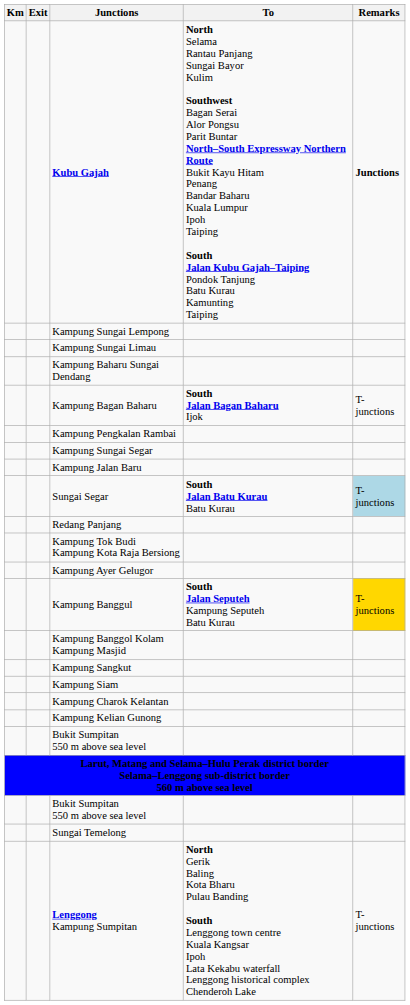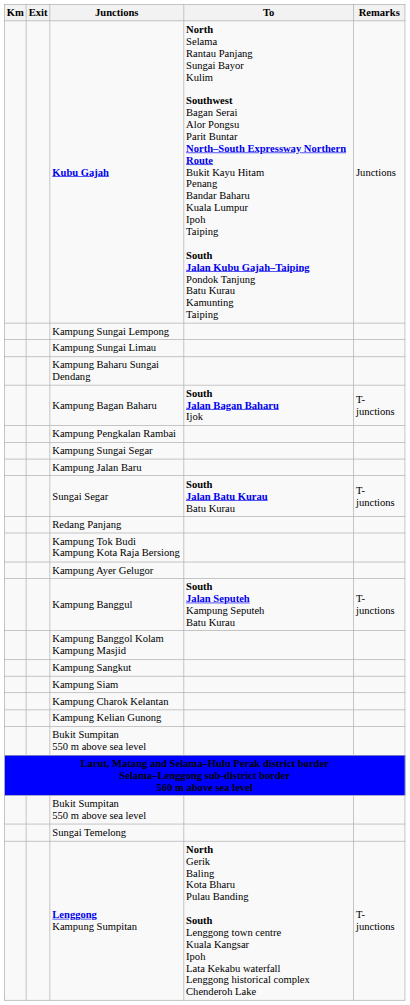 <table class="wikitable">
 <tr>
 <th>Km</th>
 <th>Exit</th>
 <th>Junctions</th>
 <th>To</th>
 <th>Remarks</th>
 </tr>
 <tr>
 <td></td>
 <td></td>
 <td><strong><a href='#'>Kubu Gajah</a></strong></td>
 <td><strong>North</strong><br> Selama<br> Rantau Panjang<br> Sungai Bayor<br> Kulim<br><br><strong>Southwest</strong><br> Bagan Serai<br> Alor Pongsu<br> Parit Buntar<br>  <strong><a href='#'>North–South Expressway Northern Route</a></strong><br>Bukit Kayu Hitam<br>Penang<br>Bandar Baharu<br>Kuala Lumpur<br>Ipoh<br>Taiping<br><br><strong>South</strong><br> <strong><a href='#'>Jalan Kubu Gajah–Taiping</a></strong><br>Pondok Tanjung<br>Batu Kurau<br>Kamunting<br>Taiping</td>
-<td><strong>Junctions</strong></td>
+<td>Junctions</td>
 </tr>
 <tr>
 <td></td>
 <td></td>
 <td>Kampung Sungai Lempong</td>
 <td></td>
 <td></td>
 </tr>
 <tr>
 <td></td>
 <td></td>
 <td>Kampung Sungai Limau</td>
 <td></td>
 <td></td>
 </tr>
 <tr>
 <td></td>
 <td></td>
 <td>Kampung Baharu Sungai Dendang</td>
 <td></td>
 <td></td>
 </tr>
 <tr>
 <td></td>
 <td></td>
 <td>Kampung Bagan Baharu</td>
 <td><strong>South</strong><br> <strong><a href='#'>Jalan Bagan Baharu</a></strong><br>Ijok</td>
 <td>T-junctions</td>
 </tr>
 <tr>
 <td></td>
 <td></td>
 <td>Kampung Pengkalan Rambai</td>
 <td></td>
 <td></td>
 </tr>
 <tr>
 <td></td>
 <td></td>
 <td>Kampung Sungai Segar</td>
 <td></td>
 <td></td>
 </tr>
 <tr>
 <td></td>
 <td></td>
 <td>Kampung Jalan Baru</td>
 <td></td>
 <td></td>
 </tr>
 <tr>
 <td></td>
 <td></td>
 <td>Sungai Segar</td>
 <td><strong>South</strong><br> <strong><a href='#'>Jalan Batu Kurau</a></strong><br>Batu Kurau</td>
-<td style="background: lightblue;">T-junctions</td>
+<td>T-junctions</td>
 </tr>
 <tr>
 <td></td>
 <td></td>
 <td>Redang Panjang</td>
 <td></td>
 <td></td>
 </tr>
 <tr>
 <td></td>
 <td></td>
 <td>Kampung Tok Budi<br>Kampung Kota Raja Bersiong</td>
 <td></td>
 <td></td>
 </tr>
 <tr>
 <td></td>
 <td></td>
 <td>Kampung Ayer Gelugor</td>
 <td></td>
 <td></td>
 </tr>
 <tr>
 <td></td>
 <td></td>
 <td>Kampung Banggul</td>
 <td><strong>South</strong><br> <strong><a href='#'>Jalan Seputeh</a></strong><br>Kampung Seputeh<br>Batu Kurau</td>
-<td style="background: gold;">T-junctions</td>
+<td>T-junctions</td>
 </tr>
 <tr>
 <td></td>
 <td></td>
 <td>Kampung Banggol Kolam<br>Kampung Masjid</td>
 <td></td>
 <td></td>
 </tr>
 <tr>
 <td></td>
 <td></td>
 <td>Kampung Sangkut</td>
 <td></td>
 <td></td>
 </tr>
 <tr>
 <td></td>
 <td></td>
 <td>Kampung Siam</td>
 <td></td>
 <td></td>
 </tr>
 <tr>
 <td></td>
 <td></td>
 <td>Kampung Charok Kelantan</td>
 <td></td>
 <td></td>
 </tr>
 <tr>
 <td></td>
 <td></td>
 <td>Kampung Kelian Gunong</td>
 <td></td>
 <td></td>
 </tr>
 <tr>
 <td></td>
 <td></td>
 <td>Bukit Sumpitan<br>550 m above sea level</td>
 <td></td>
 <td></td>
 </tr>
 <tr>
 <td colspan="6" style="width:600px; text-align:center" bgcolor="blue"><strong><span>Larut, Matang and Selama–Hulu Perak district border<br>Selama–Lenggong sub-district border<br>560 m above sea level</span></strong></td>
 </tr>
 <tr>
 <td></td>
 <td></td>
 <td>Bukit Sumpitan<br>550 m above sea level</td>
 <td></td>
 <td></td>
 </tr>
 <tr>
 <td></td>
 <td></td>
 <td>Sungai Temelong</td>
 <td></td>
 <td></td>
 </tr>
 <tr>
 <td></td>
 <td></td>
 <td><strong><a href='#'>Lenggong</a></strong><br>Kampung Sumpitan</td>
 <td><strong>North</strong><br> Gerik<br> Baling<br> Kota Bharu<br> Pulau Banding<br><br><strong>South</strong><br> Lenggong town centre<br> Kuala Kangsar<br> Ipoh<br> Lata Kekabu waterfall<br> Lenggong historical complex<br> Chenderoh Lake</td>
 <td>T-junctions</td>
 </tr>
 </table>
